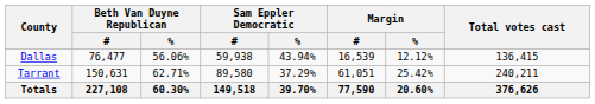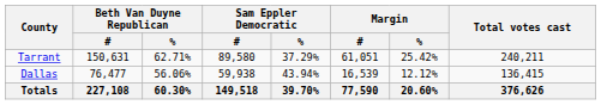 <table width="60%"  class="wikitable sortable" style="text-align:center">
 <tr>
 <th rowspan="2">County</th>
 <th style="text-align:center;" colspan="2">Beth Van Duyne<br>Republican</th>
 <th style="text-align:center;" colspan="2">Sam Eppler<br>Democratic</th>
 <th style="text-align:center;" colspan="2">Margin</th>
 <th rowspan="2" style="text-align:center;">Total votes cast</th>
 </tr>
 <tr>
 <th style="text-align:center;" data-sort-type="number">#</th>
 <th style="text-align:center;" data-sort-type="number">%</th>
 <th style="text-align:center;" data-sort-type="number">#</th>
 <th style="text-align:center;" data-sort-type="number">%</th>
 <th style="text-align:center;" data-sort-type="number">#</th>
 <th style="text-align:center;" data-sort-type="number">%</th>
 </tr>
 <tr style="text-align:center;">
+<td style="background-color:"><a href='#'>Tarrant</a></td>
+<td style="background-color:">150,631</td>
+<td style="background-color:">62.71%</td>
+<td style="color:black;background-color:">89,580</td>
+<td style="color:black;background-color:">37.29%</td>
+<td style="background-color:">61,051</td>
+<td style="background-color:">25.42%</td>
+<td style="background-color:">240,211</td>
+</tr>
+<tr style="text-align:center;">
 <td style="background-color:"><a href='#'>Dallas</a></td>
 <td style="background-color:">76,477</td>
 <td style="background-color:">56.06%</td>
 <td style="color:black;background-color:">59,938</td>
 <td style="color:black;background-color:">43.94%</td>
 <td style="background-color:">16,539</td>
 <td style="background-color:">12.12%</td>
 <td style="background-color:">136,415</td>
-</tr>
-<tr style="text-align:center;">
-<td style="background-color:"><a href='#'>Tarrant</a></td>
-<td style="background-color:">150,631</td>
-<td style="background-color:">62.71%</td>
-<td style="color:black;background-color:">89,580</td>
-<td style="color:black;background-color:">37.29%</td>
-<td style="background-color:">61,051</td>
-<td style="background-color:">25.42%</td>
-<td style="background-color:">240,211</td>
 </tr>
 <tr style="text-align:center;">
 <th>Totals</th>
 <th>227,108</th>
 <th>60.30%</th>
 <th>149,518</th>
 <th>39.70%</th>
 <th>77,590</th>
 <th>20.60%</th>
 <th>376,626</th>
 </tr>
 </table>
